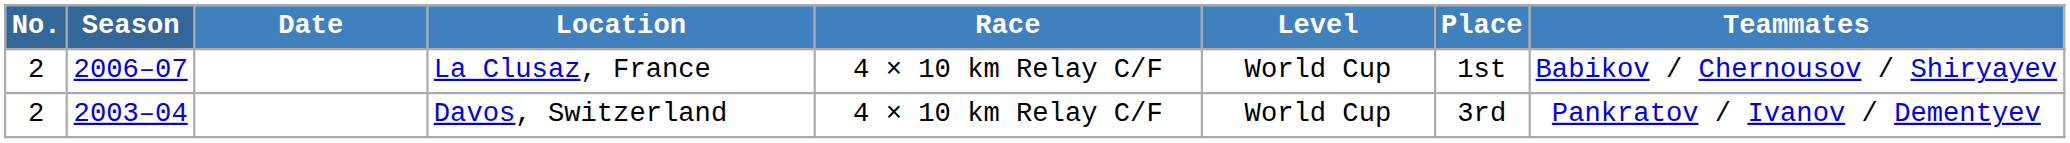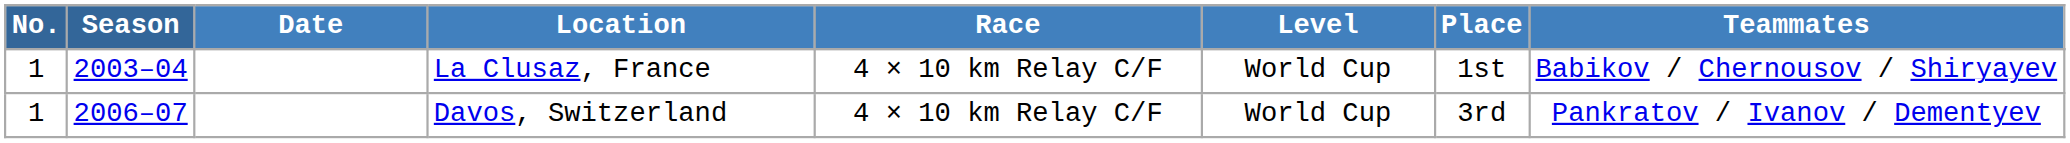 <table class="wikitable sortable" style="font-size:95%; text-align:center; border:grey solid 1px; border-collapse:collapse; background:#ffffff;">
 <tr style="background:#efefef;">
 <th style="background-color:#369; color:white;">No.</th>
 <th style="background-color:#369; color:white;">Season</th>
 <th style="background-color:#4180be; color:white; width:100px;">Date</th>
 <th style="background-color:#4180be; color:white; width:170px;">Location</th>
 <th style="background-color:#4180be; color:white; width:170px;">Race</th>
 <th style="background-color:#4180be; color:white; width:100px;">Level</th>
 <th style="background-color:#4180be; color:white;">Place</th>
 <th style="background-color:#4180be; color:white;">Teammates</th>
 </tr>
 <tr>
 </tr>
 <tr>
-<td>2</td>
-<td><a href='#'>2006–07</a></td>
+<td>1</td>
+<td><a href='#'>2003–04</a></td>
 <td style="text-align: right;"></td>
 <td style="text-align: left;"> <a href='#'>La Clusaz</a>, France</td>
 <td>4 × 10 km Relay C/F</td>
 <td>World Cup</td>
 <td>1st</td>
 <td><a href='#'>Babikov</a> / <a href='#'>Chernousov</a> / <a href='#'>Shiryayev</a></td>
 </tr>
 <tr>
-<td>2</td>
-<td><a href='#'>2003–04</a></td>
+<td>1</td>
+<td><a href='#'>2006–07</a></td>
 <td style="text-align: right;"></td>
 <td style="text-align: left;"> <a href='#'>Davos</a>, Switzerland</td>
 <td>4 × 10 km Relay C/F</td>
 <td>World Cup</td>
 <td>3rd</td>
 <td><a href='#'>Pankratov</a> / <a href='#'>Ivanov</a> / <a href='#'>Dementyev</a></td>
 </tr>
 </table>
